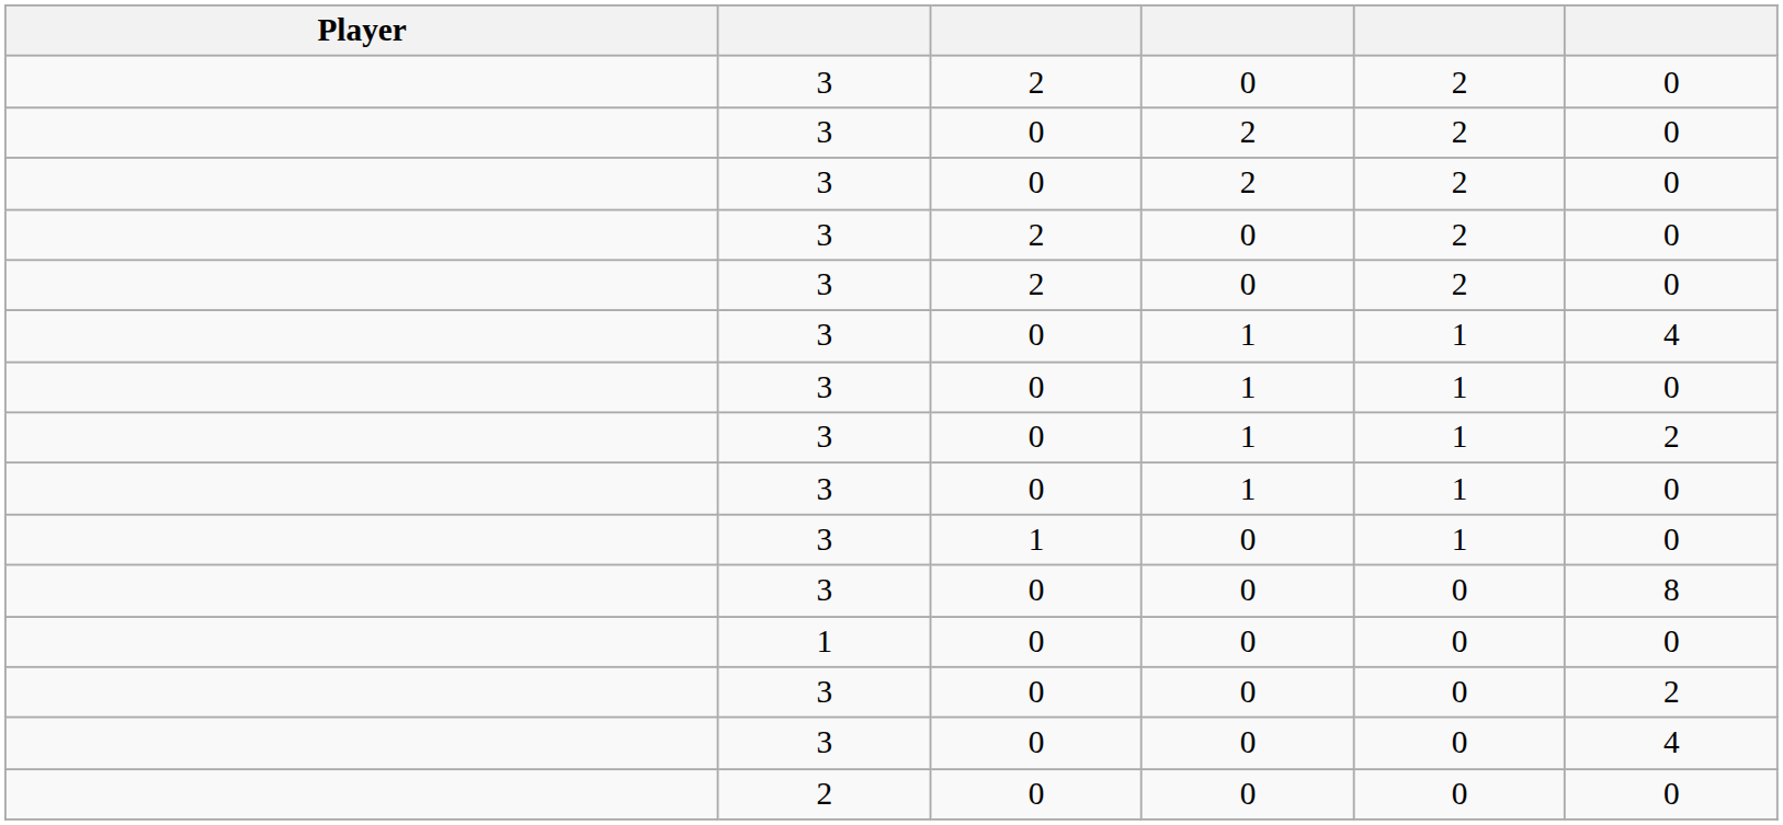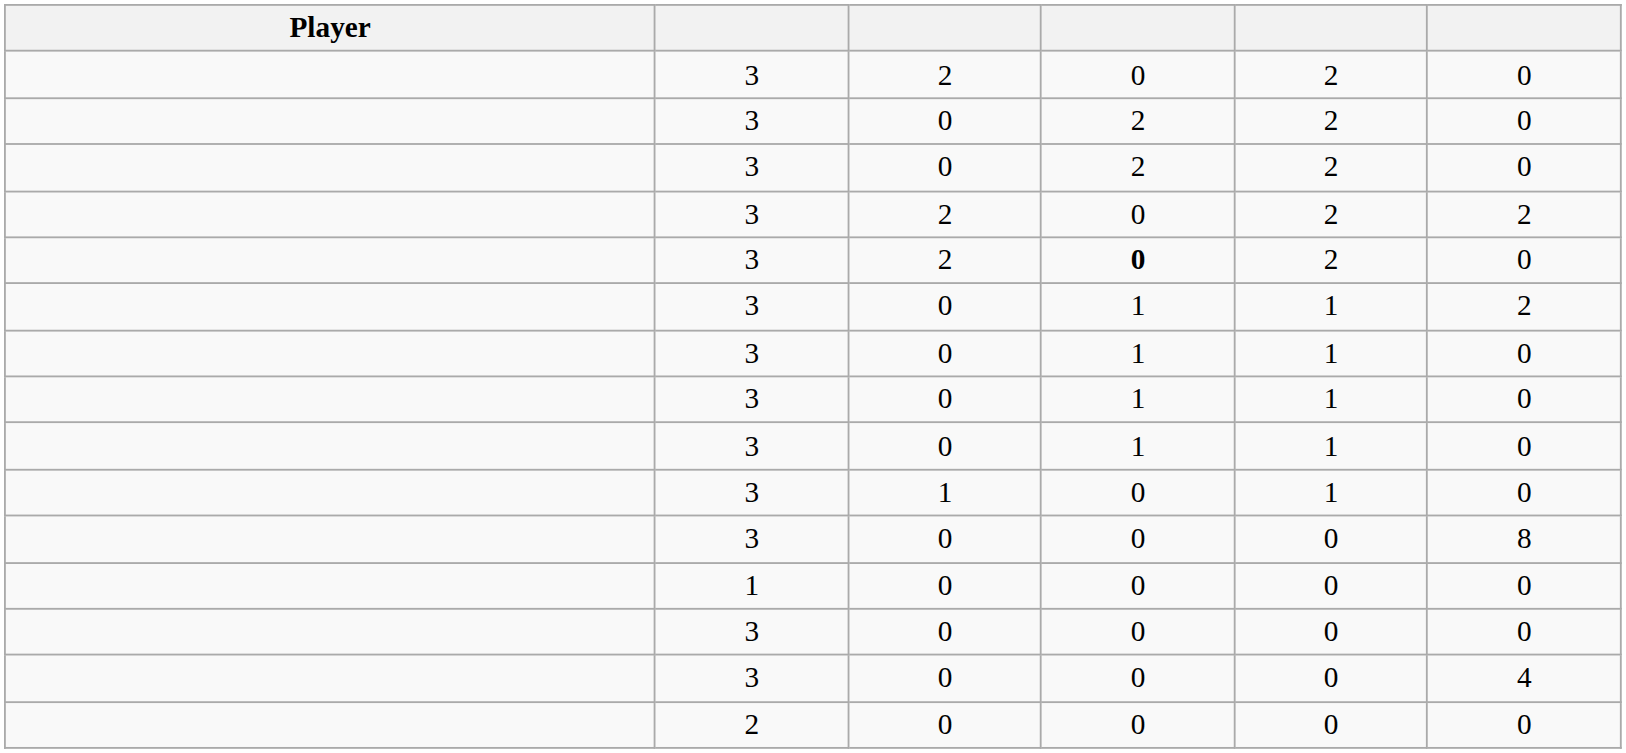 <table class="wikitable sortable" style="width:100%;">
 <tr align=center>
 <th>Player</th>
 <th></th>
 <th></th>
 <th></th>
 <th></th>
 <th></th>
 </tr>
 <tr align=center>
 <td></td>
 <td>3</td>
 <td>2</td>
 <td>0</td>
 <td>2</td>
 <td>0</td>
 </tr>
 <tr align=center>
 <td></td>
 <td>3</td>
 <td>0</td>
 <td>2</td>
 <td>2</td>
 <td>0</td>
 </tr>
 <tr align=center>
 <td></td>
 <td>3</td>
 <td>0</td>
 <td>2</td>
 <td>2</td>
 <td>0</td>
 </tr>
 <tr align=center>
 <td></td>
 <td>3</td>
 <td>2</td>
 <td>0</td>
 <td>2</td>
-<td>0</td>
+<td>2</td>
 </tr>
 <tr align=center>
 <td></td>
 <td>3</td>
 <td>2</td>
-<td>0</td>
+<td><strong>0</strong></td>
 <td>2</td>
 <td>0</td>
 </tr>
 <tr align=center>
 <td></td>
 <td>3</td>
 <td>0</td>
 <td>1</td>
 <td>1</td>
-<td>4</td>
+<td>2</td>
 </tr>
 <tr align=center>
 <td></td>
 <td>3</td>
 <td>0</td>
 <td>1</td>
 <td>1</td>
 <td>0</td>
 </tr>
 <tr align=center>
 <td></td>
 <td>3</td>
 <td>0</td>
 <td>1</td>
 <td>1</td>
-<td>2</td>
+<td>0</td>
 </tr>
 <tr align=center>
 <td></td>
 <td>3</td>
 <td>0</td>
 <td>1</td>
 <td>1</td>
 <td>0</td>
 </tr>
 <tr align=center>
 <td></td>
 <td>3</td>
 <td>1</td>
 <td>0</td>
 <td>1</td>
 <td>0</td>
 </tr>
 <tr align=center>
 <td></td>
 <td>3</td>
 <td>0</td>
 <td>0</td>
 <td>0</td>
 <td>8</td>
 </tr>
 <tr align=center>
 <td></td>
 <td>1</td>
 <td>0</td>
 <td>0</td>
 <td>0</td>
 <td>0</td>
 </tr>
 <tr align=center>
 <td></td>
 <td>3</td>
 <td>0</td>
 <td>0</td>
 <td>0</td>
-<td>2</td>
+<td>0</td>
 </tr>
 <tr align=center>
 <td></td>
 <td>3</td>
 <td>0</td>
 <td>0</td>
 <td>0</td>
 <td>4</td>
 </tr>
 <tr align=center>
 <td></td>
 <td>2</td>
 <td>0</td>
 <td>0</td>
 <td>0</td>
 <td>0</td>
 </tr>
 </table>
